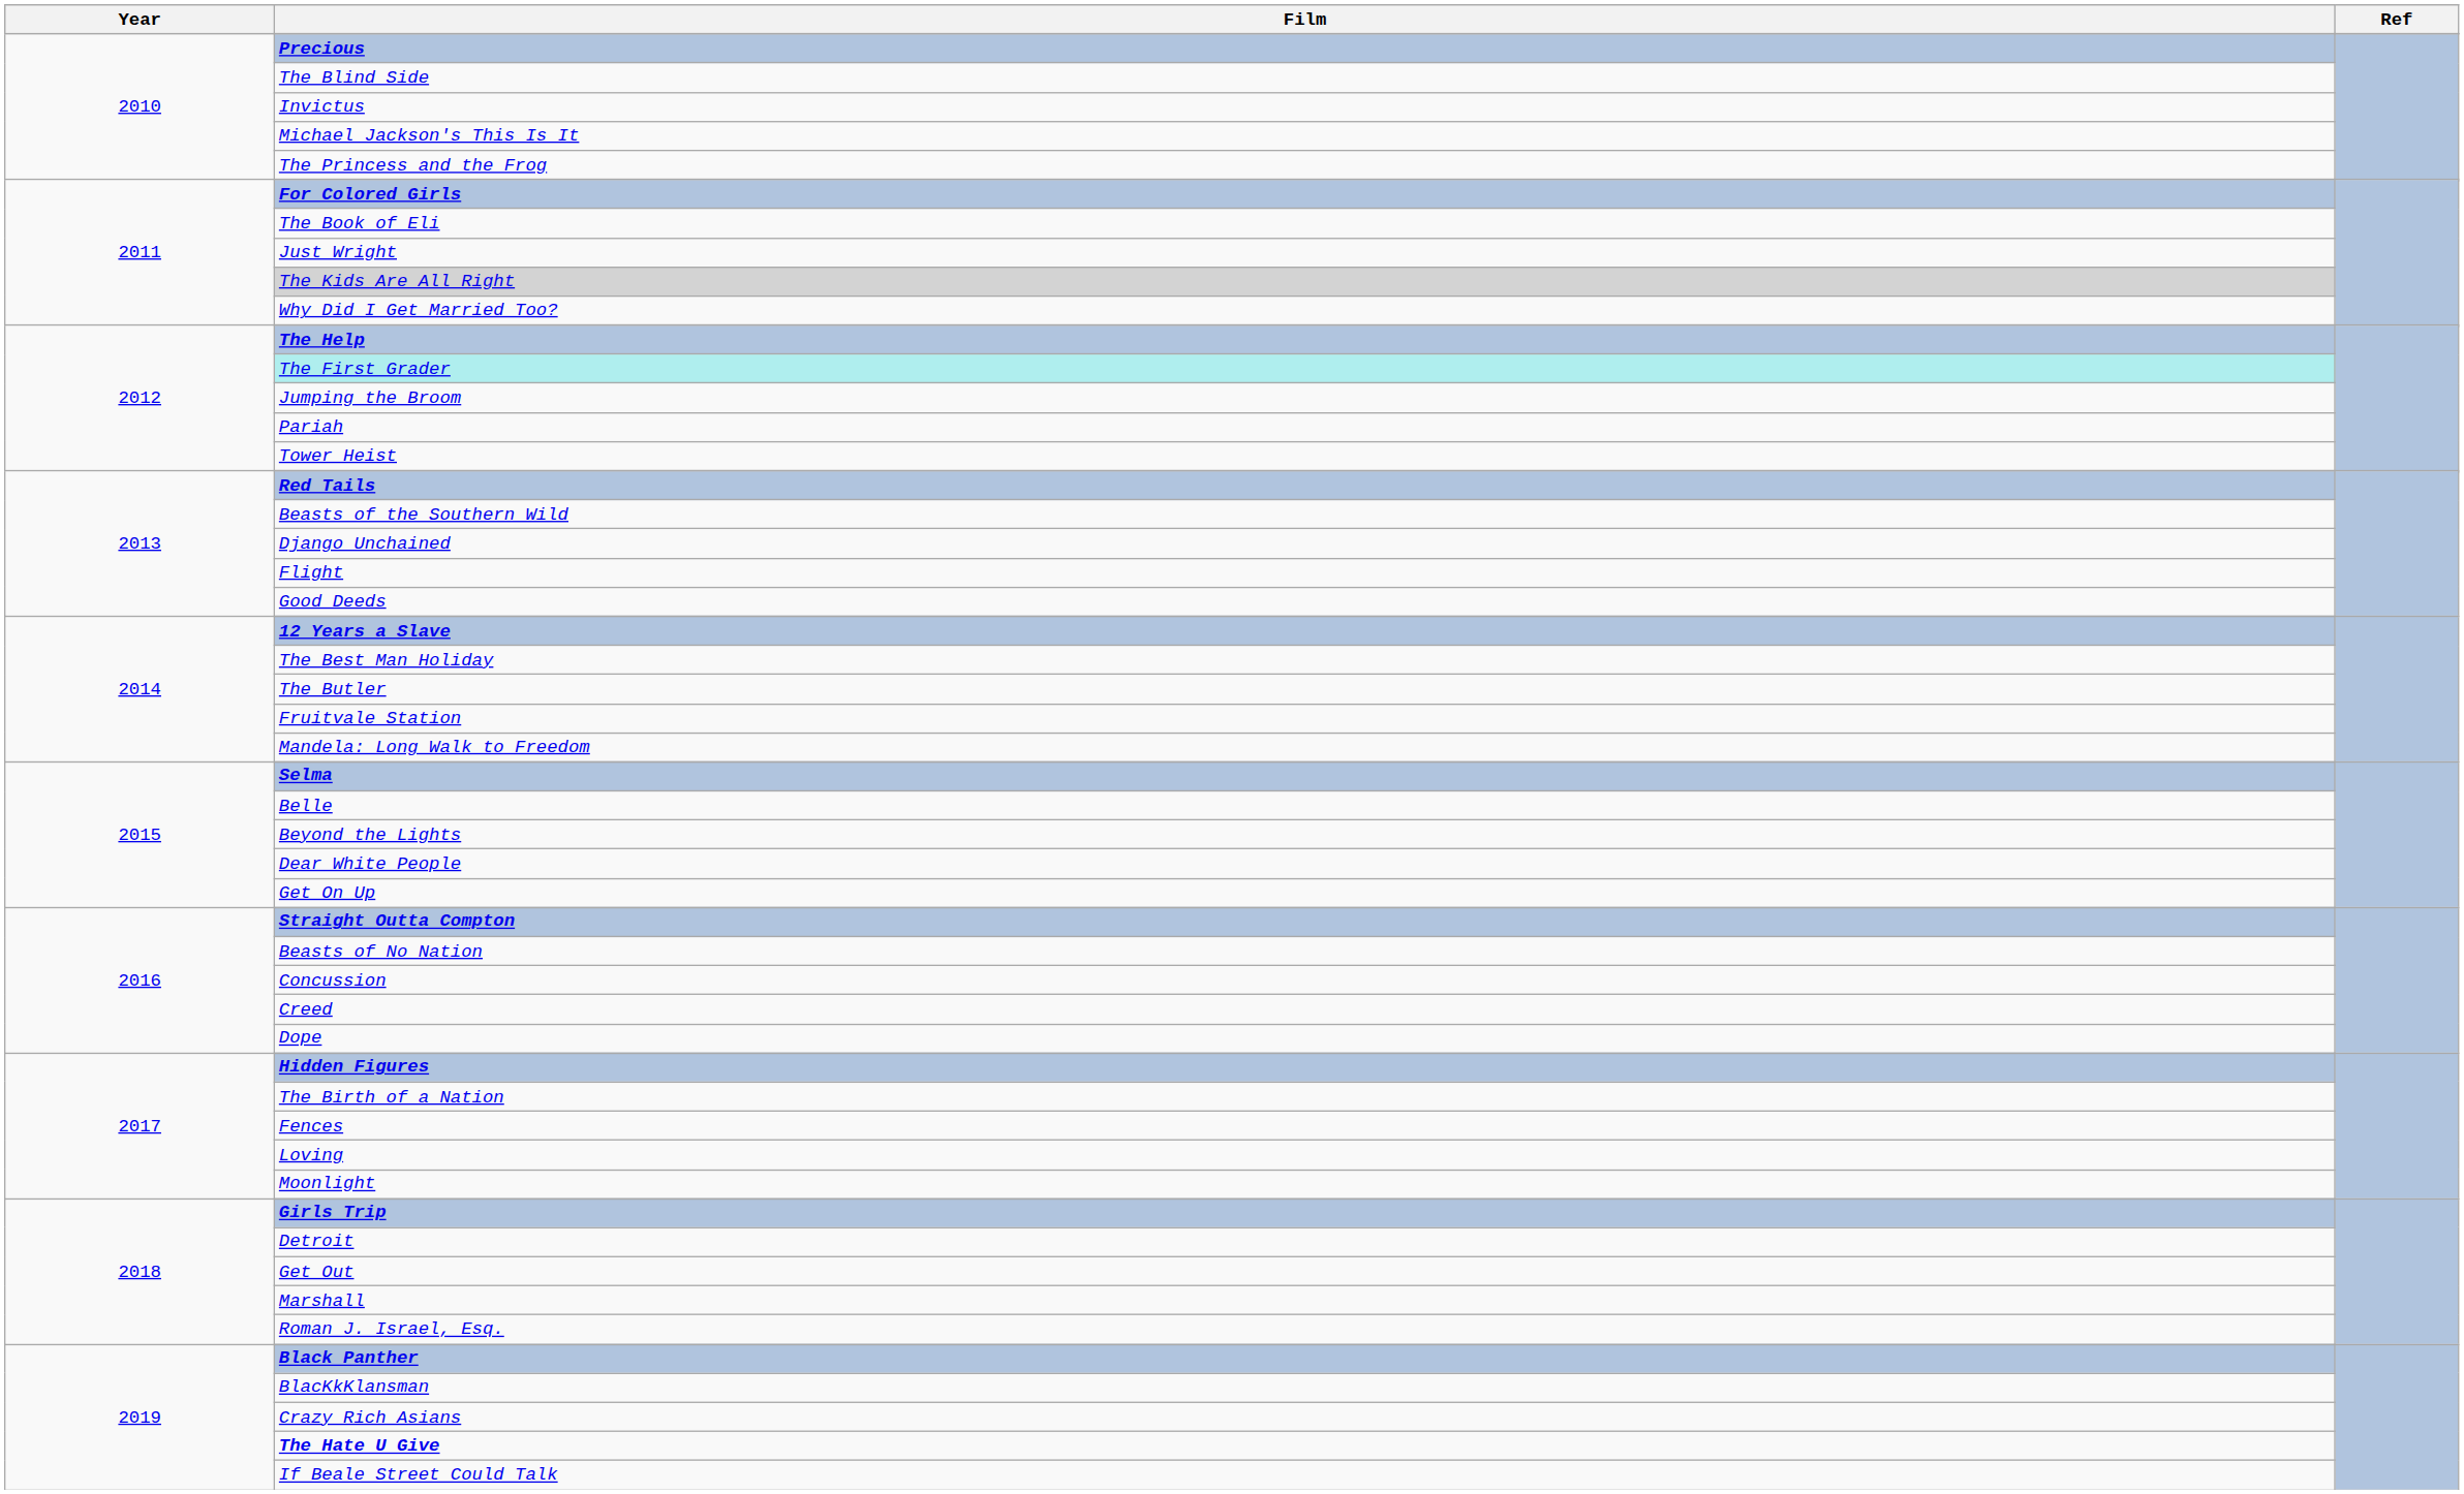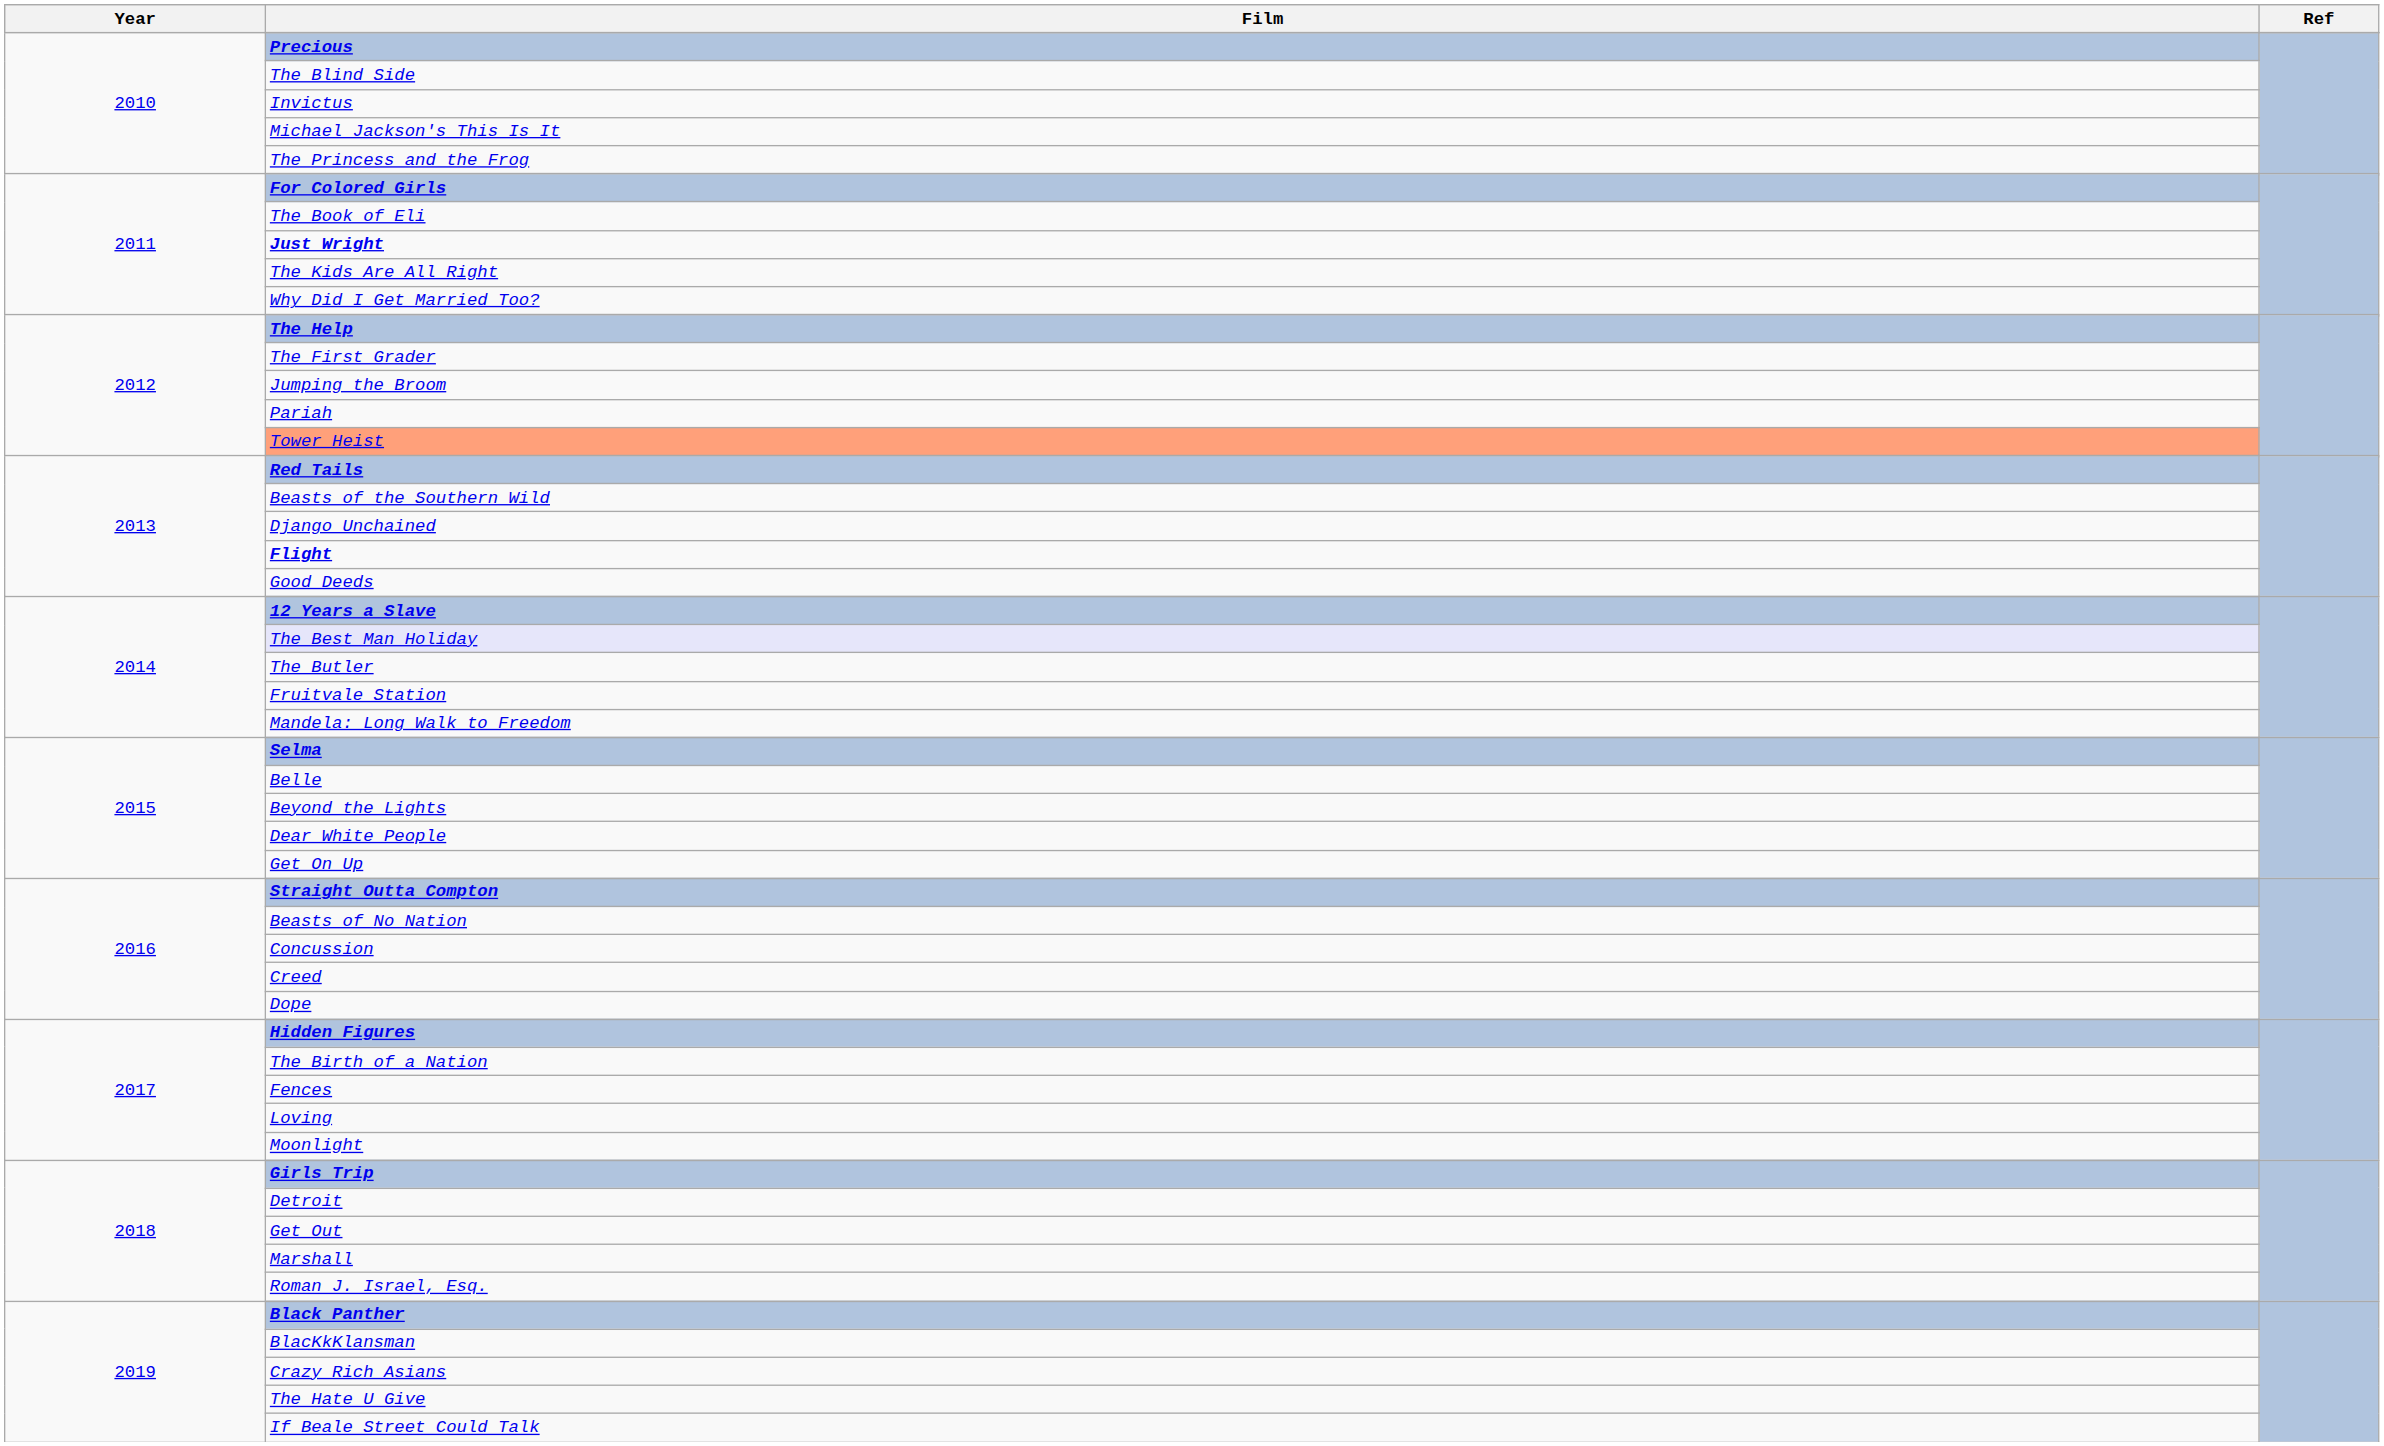 <table class="wikitable" style="width:90%;">
 <tr style="background:#bebebe;">
 <th style="width:11%;">Year</th>
 <th style="width:84%;">Film</th>
 <th style="width:5%;">Ref</th>
 </tr>
 <tr>
 <td rowspan="6" align="center"><a href='#'>2010</a></td>
 </tr>
 <tr style="background:#B0C4DE">
 <td><strong><em><a href='#'>Precious</a></em></strong></td>
 <td rowspan="6" align="center"></td>
 </tr>
 <tr>
 <td><em><a href='#'>The Blind Side</a></em></td>
 </tr>
 <tr>
 <td><em><a href='#'>Invictus</a></em></td>
 </tr>
 <tr>
 <td><em><a href='#'>Michael Jackson's This Is It</a></em></td>
 </tr>
 <tr>
 <td><em><a href='#'>The Princess and the Frog</a></em></td>
 </tr>
 <tr>
 <td rowspan="6" align="center"><a href='#'>2011</a></td>
 </tr>
 <tr style="background:#B0C4DE">
 <td><strong><em><a href='#'>For Colored Girls</a></em></strong></td>
 <td rowspan="6" align="center"></td>
 </tr>
 <tr>
 <td><em><a href='#'>The Book of Eli</a></em></td>
 </tr>
 <tr>
-<td><em><a href='#'>Just Wright</a></em></td>
+<td><strong><em><a href='#'>Just Wright</a></em></strong></td>
 </tr>
 <tr>
-<td style="background: lightgrey;"><em><a href='#'>The Kids Are All Right</a></em></td>
+<td><em><a href='#'>The Kids Are All Right</a></em></td>
 </tr>
 <tr>
 <td><em><a href='#'>Why Did I Get Married Too?</a></em></td>
 </tr>
 <tr>
 <td rowspan="6" align="center"><a href='#'>2012</a></td>
 </tr>
 <tr style="background:#B0C4DE">
 <td><strong><em><a href='#'>The Help</a></em></strong></td>
 <td rowspan="6" align="center"></td>
 </tr>
 <tr>
-<td style="background: paleturquoise;"><em><a href='#'>The First Grader</a></em></td>
+<td><em><a href='#'>The First Grader</a></em></td>
 </tr>
 <tr>
 <td><em><a href='#'>Jumping the Broom</a></em></td>
 </tr>
 <tr>
 <td><em><a href='#'>Pariah</a></em></td>
 </tr>
 <tr>
-<td><em><a href='#'>Tower Heist</a></em></td>
+<td style="background: lightsalmon;"><em><a href='#'>Tower Heist</a></em></td>
 </tr>
 <tr>
 <td rowspan="6" align="center"><a href='#'>2013</a></td>
 </tr>
 <tr style="background:#B0C4DE">
 <td><strong><em><a href='#'>Red Tails</a></em></strong></td>
 <td rowspan="6" align="center"></td>
 </tr>
 <tr>
 <td><em><a href='#'>Beasts of the Southern Wild</a></em></td>
 </tr>
 <tr>
 <td><em><a href='#'>Django Unchained</a></em></td>
 </tr>
 <tr>
-<td><em><a href='#'>Flight</a></em></td>
+<td><strong><em><a href='#'>Flight</a></em></strong></td>
 </tr>
 <tr>
 <td><em><a href='#'>Good Deeds</a></em></td>
 </tr>
 <tr>
 <td rowspan="6" align="center"><a href='#'>2014</a></td>
 </tr>
 <tr style="background:#B0C4DE">
 <td><strong><em><a href='#'>12 Years a Slave</a></em></strong></td>
 <td rowspan="6" align="center"></td>
 </tr>
 <tr>
-<td><em><a href='#'>The Best Man Holiday</a></em></td>
+<td style="background: lavender;"><em><a href='#'>The Best Man Holiday</a></em></td>
 </tr>
 <tr>
 <td><em><a href='#'>The Butler</a></em></td>
 </tr>
 <tr>
 <td><em><a href='#'>Fruitvale Station</a></em></td>
 </tr>
 <tr>
 <td><em><a href='#'>Mandela: Long Walk to Freedom</a></em></td>
 </tr>
 <tr>
 <td rowspan="6" align="center"><a href='#'>2015</a></td>
 </tr>
 <tr style="background:#B0C4DE">
 <td><strong><em><a href='#'>Selma</a></em></strong></td>
 <td rowspan="6" align="center"></td>
 </tr>
 <tr>
 <td><em><a href='#'>Belle</a></em></td>
 </tr>
 <tr>
 <td><em><a href='#'>Beyond the Lights</a></em></td>
 </tr>
 <tr>
 <td><em><a href='#'>Dear White People</a></em></td>
 </tr>
 <tr>
 <td><em><a href='#'>Get On Up</a></em></td>
 </tr>
 <tr>
 <td rowspan="6" align="center"><a href='#'>2016</a></td>
 </tr>
 <tr style="background:#B0C4DE">
 <td><strong><em><a href='#'>Straight Outta Compton</a></em></strong></td>
 <td rowspan="6" align="center"></td>
 </tr>
 <tr>
 <td><em><a href='#'>Beasts of No Nation</a></em></td>
 </tr>
 <tr>
 <td><em><a href='#'>Concussion</a></em></td>
 </tr>
 <tr>
 <td><em><a href='#'>Creed</a></em></td>
 </tr>
 <tr>
 <td><em><a href='#'>Dope</a></em></td>
 </tr>
 <tr>
 <td rowspan="6" align="center"><a href='#'>2017</a></td>
 </tr>
 <tr style="background:#B0C4DE">
 <td><strong><em><a href='#'>Hidden Figures</a></em></strong></td>
 <td rowspan="6" align="center"></td>
 </tr>
 <tr>
 <td><em><a href='#'>The Birth of a Nation</a></em></td>
 </tr>
 <tr>
 <td><em><a href='#'>Fences</a></em></td>
 </tr>
 <tr>
 <td><em><a href='#'>Loving</a></em></td>
 </tr>
 <tr>
 <td><em><a href='#'>Moonlight</a></em></td>
 </tr>
 <tr>
 <td rowspan="6" align="center"><a href='#'>2018</a></td>
 </tr>
 <tr |- style="background:#B0C4DE">
 <td><strong><em><a href='#'>Girls Trip</a></em></strong></td>
 <td rowspan="6" align="center"></td>
 </tr>
 <tr>
 <td><em><a href='#'>Detroit</a></em></td>
 </tr>
 <tr>
 <td><em><a href='#'>Get Out</a></em></td>
 </tr>
 <tr>
 <td><em><a href='#'>Marshall</a></em></td>
 </tr>
 <tr>
 <td><em><a href='#'>Roman J. Israel, Esq.</a></em></td>
 </tr>
 <tr>
 <td rowspan="6" align="center"><a href='#'>2019</a></td>
 </tr>
 <tr |- style="background:#B0C4DE">
 <td><strong><em><a href='#'>Black Panther</a></em></strong></td>
 <td rowspan="6" align="center"></td>
 </tr>
 <tr>
 <td><em><a href='#'>BlacKkKlansman</a></em></td>
 </tr>
 <tr>
 <td><em><a href='#'>Crazy Rich Asians</a></em></td>
 </tr>
 <tr>
-<td><strong><em><a href='#'>The Hate U Give</a></em></strong></td>
+<td><em><a href='#'>The Hate U Give</a></em></td>
 </tr>
 <tr>
 <td><em><a href='#'>If Beale Street Could Talk</a></em></td>
 </tr>
 </table>
